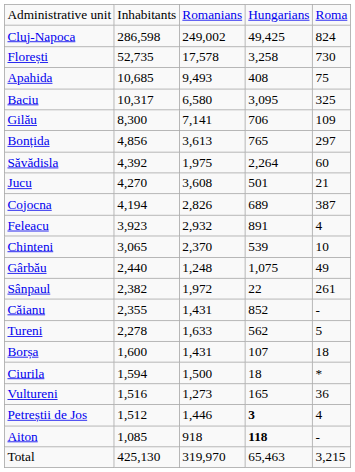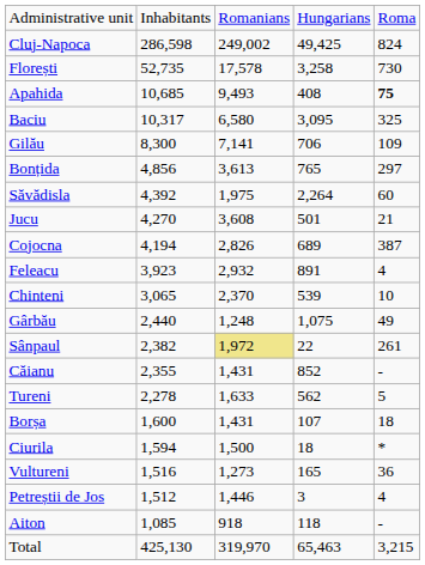 <table class="wikitable sortable mw-collapsible">
 <tr>
 <td>Administrative unit</td>
 <td>Inhabitants</td>
 <td><a href='#'>Romanians</a></td>
 <td><a href='#'>Hungarians</a></td>
 <td><a href='#'>Roma</a></td>
 </tr>
 <tr>
 <td><a href='#'>Cluj-Napoca</a></td>
 <td>286,598</td>
 <td>249,002</td>
 <td>49,425</td>
 <td>824</td>
 </tr>
 <tr>
 <td><a href='#'>Florești</a></td>
 <td>52,735</td>
 <td>17,578</td>
 <td>3,258</td>
 <td>730</td>
 </tr>
 <tr>
 <td><a href='#'>Apahida</a></td>
 <td>10,685</td>
 <td>9,493</td>
 <td>408</td>
-<td>75</td>
+<td><strong>75</strong></td>
 </tr>
 <tr>
 <td><a href='#'>Baciu</a></td>
 <td>10,317</td>
 <td>6,580</td>
 <td>3,095</td>
 <td>325</td>
 </tr>
 <tr>
 <td><a href='#'>Gilău</a></td>
 <td>8,300</td>
 <td>7,141</td>
 <td>706</td>
 <td>109</td>
 </tr>
 <tr>
 <td><a href='#'>Bonțida</a></td>
 <td>4,856</td>
 <td>3,613</td>
 <td>765</td>
 <td>297</td>
 </tr>
 <tr>
 <td><a href='#'>Săvădisla</a></td>
 <td>4,392</td>
 <td>1,975</td>
 <td>2,264</td>
 <td>60</td>
 </tr>
 <tr>
 <td><a href='#'>Jucu</a></td>
 <td>4,270</td>
 <td>3,608</td>
 <td>501</td>
 <td>21</td>
 </tr>
 <tr>
 <td><a href='#'>Cojocna</a></td>
 <td>4,194</td>
 <td>2,826</td>
 <td>689</td>
 <td>387</td>
 </tr>
 <tr>
 <td><a href='#'>Feleacu</a></td>
 <td>3,923</td>
 <td>2,932</td>
 <td>891</td>
 <td>4</td>
 </tr>
 <tr>
 <td><a href='#'>Chinteni</a></td>
 <td>3,065</td>
 <td>2,370</td>
 <td>539</td>
 <td>10</td>
 </tr>
 <tr>
 <td><a href='#'>Gârbău</a></td>
 <td>2,440</td>
 <td>1,248</td>
 <td>1,075</td>
 <td>49</td>
 </tr>
 <tr>
 <td><a href='#'>Sânpaul</a></td>
 <td>2,382</td>
-<td>1,972</td>
+<td style="background: khaki;">1,972</td>
 <td>22</td>
 <td>261</td>
 </tr>
 <tr>
 <td><a href='#'>Căianu</a></td>
 <td>2,355</td>
 <td>1,431</td>
 <td>852</td>
 <td>-</td>
 </tr>
 <tr>
 <td><a href='#'>Tureni</a></td>
 <td>2,278</td>
 <td>1,633</td>
 <td>562</td>
 <td>5</td>
 </tr>
 <tr>
 <td><a href='#'>Borșa</a></td>
 <td>1,600</td>
 <td>1,431</td>
 <td>107</td>
 <td>18</td>
 </tr>
 <tr>
 <td><a href='#'>Ciurila</a></td>
 <td>1,594</td>
 <td>1,500</td>
 <td>18</td>
 <td>*</td>
 </tr>
 <tr>
 <td><a href='#'>Vultureni</a></td>
 <td>1,516</td>
 <td>1,273</td>
 <td>165</td>
 <td>36</td>
 </tr>
 <tr>
 <td><a href='#'>Petreștii de Jos</a></td>
 <td>1,512</td>
 <td>1,446</td>
-<td><strong>3</strong></td>
+<td>3</td>
 <td>4</td>
 </tr>
 <tr>
 <td><a href='#'>Aiton</a></td>
 <td>1,085</td>
 <td>918</td>
-<td><strong>118</strong></td>
+<td>118</td>
 <td>-</td>
 </tr>
 <tr>
 <td>Total</td>
 <td>425,130</td>
 <td>319,970</td>
 <td>65,463</td>
 <td>3,215</td>
 </tr>
 </table>
